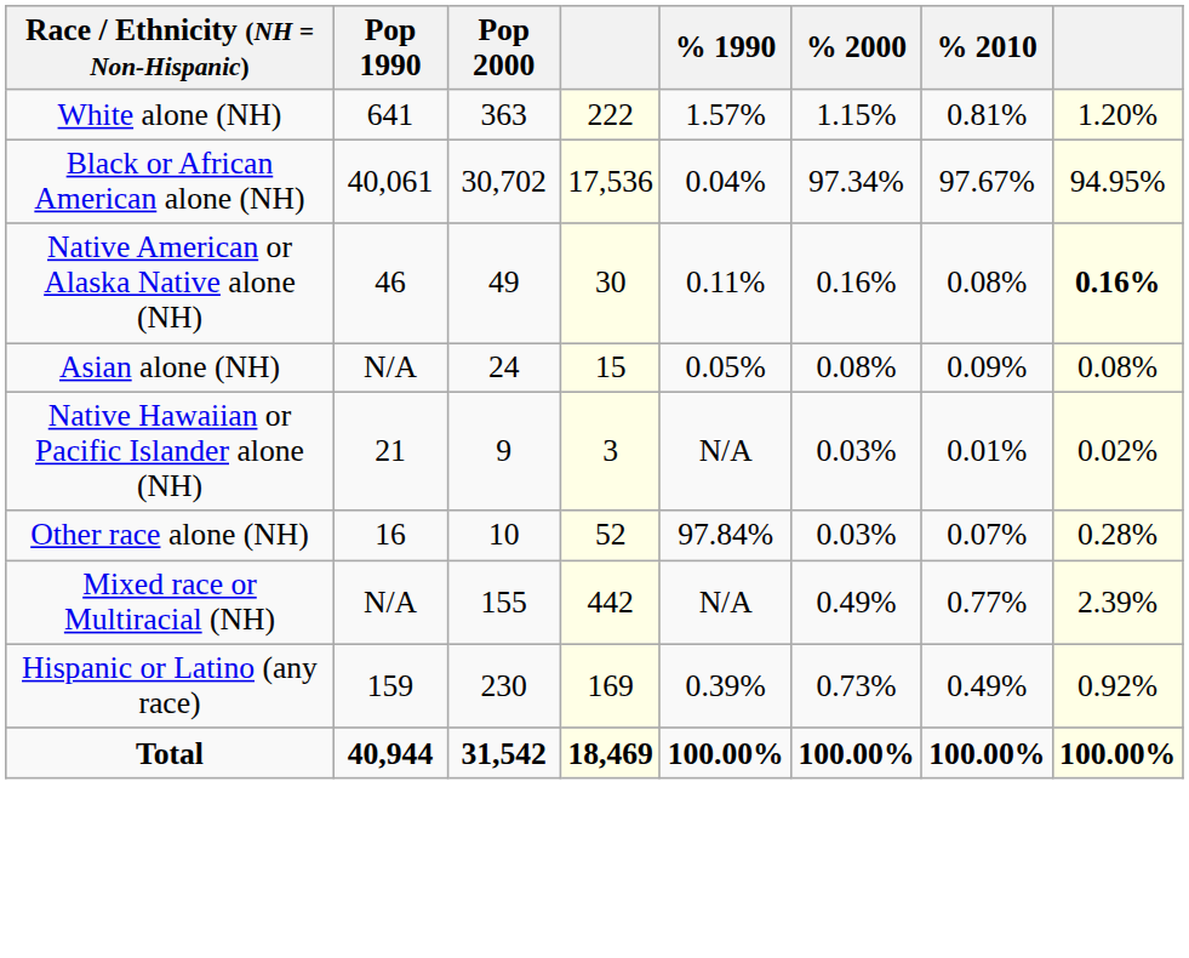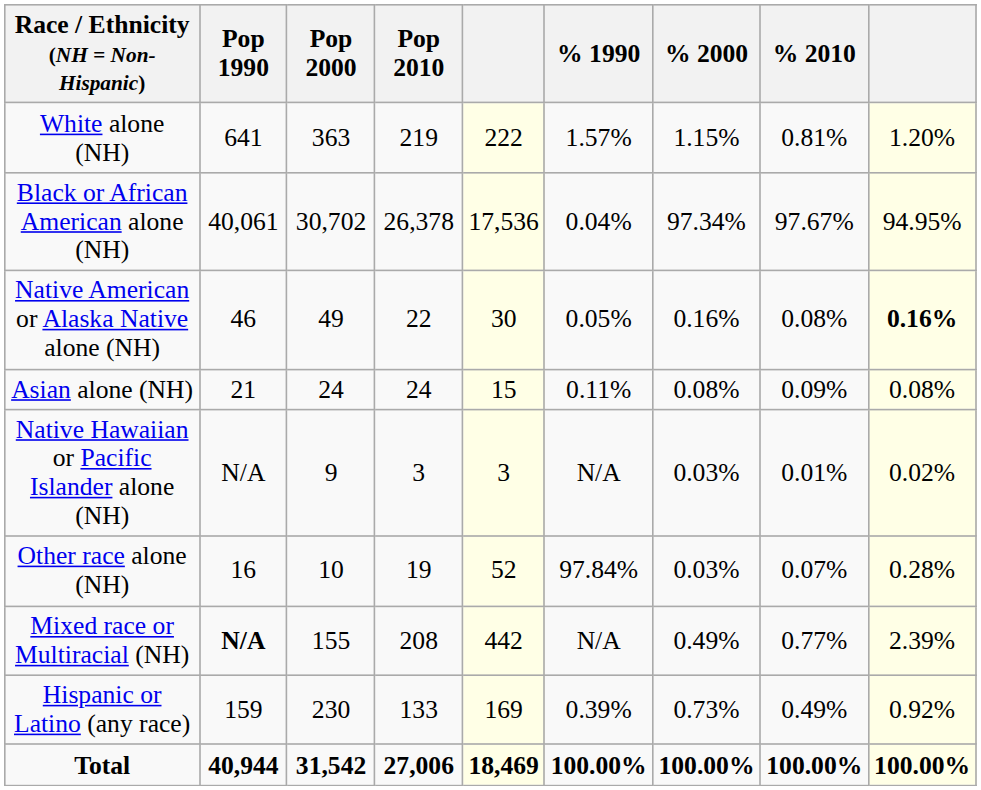 <table class="wikitable" style="text-align:center;">
 <tr>
 <th>Race / Ethnicity <small>(<em>NH = Non-Hispanic</em>)</small></th>
 <th>Pop 1990</th>
 <th>Pop 2000</th>
+<th>Pop 2010</th>
 <th></th>
 <th>% 1990</th>
 <th>% 2000</th>
 <th>% 2010</th>
 <th></th>
 </tr>
 <tr>
 <td><a href='#'>White</a> alone (NH)</td>
 <td>641</td>
 <td>363</td>
+<td>219</td>
 <td style='background: #ffffe6;'>222</td>
 <td>1.57%</td>
 <td>1.15%</td>
 <td>0.81%</td>
 <td style='background: #ffffe6;'>1.20%</td>
 </tr>
 <tr>
 <td><a href='#'>Black or African American</a> alone (NH)</td>
 <td>40,061</td>
 <td>30,702</td>
+<td>26,378</td>
 <td style='background: #ffffe6;'>17,536</td>
 <td>0.04%</td>
 <td>97.34%</td>
 <td>97.67%</td>
 <td style='background: #ffffe6;'>94.95%</td>
 </tr>
 <tr>
 <td><a href='#'>Native American</a> or <a href='#'>Alaska Native</a> alone (NH)</td>
 <td>46</td>
 <td>49</td>
+<td>22</td>
 <td style='background: #ffffe6;'>30</td>
-<td>0.11%</td>
+<td>0.05%</td>
 <td>0.16%</td>
 <td>0.08%</td>
 <td style='background: #ffffe6;'><strong>0.16%</strong></td>
 </tr>
 <tr>
 <td><a href='#'>Asian</a> alone (NH)</td>
-<td>N/A</td>
+<td>21</td>
+<td>24</td>
 <td>24</td>
 <td style='background: #ffffe6;'>15</td>
-<td>0.05%</td>
+<td>0.11%</td>
 <td>0.08%</td>
 <td>0.09%</td>
 <td style='background: #ffffe6;'>0.08%</td>
 </tr>
 <tr>
 <td><a href='#'>Native Hawaiian</a> or <a href='#'>Pacific Islander</a> alone (NH)</td>
-<td>21</td>
+<td>N/A</td>
 <td>9</td>
+<td>3</td>
 <td style='background: #ffffe6;'>3</td>
 <td>N/A</td>
 <td>0.03%</td>
 <td>0.01%</td>
 <td style='background: #ffffe6;'>0.02%</td>
 </tr>
 <tr>
 <td><a href='#'>Other race</a> alone (NH)</td>
 <td>16</td>
 <td>10</td>
+<td>19</td>
 <td style='background: #ffffe6;'>52</td>
 <td>97.84%</td>
 <td>0.03%</td>
 <td>0.07%</td>
 <td style='background: #ffffe6;'>0.28%</td>
 </tr>
 <tr>
 <td><a href='#'>Mixed race or Multiracial</a> (NH)</td>
-<td>N/A</td>
+<td><strong>N/A</strong></td>
 <td>155</td>
+<td>208</td>
 <td style='background: #ffffe6;'>442</td>
 <td>N/A</td>
 <td>0.49%</td>
 <td>0.77%</td>
 <td style='background: #ffffe6;'>2.39%</td>
 </tr>
 <tr>
 <td><a href='#'>Hispanic or Latino</a> (any race)</td>
 <td>159</td>
 <td>230</td>
+<td>133</td>
 <td style='background: #ffffe6;'>169</td>
 <td>0.39%</td>
 <td>0.73%</td>
 <td>0.49%</td>
 <td style='background: #ffffe6;'>0.92%</td>
 </tr>
 <tr>
 <td><strong>Total</strong></td>
 <td><strong>40,944</strong></td>
 <td><strong>31,542</strong></td>
+<td><strong>27,006</strong></td>
 <td style='background: #ffffe6;'><strong>18,469</strong></td>
 <td><strong>100.00%</strong></td>
 <td><strong>100.00%</strong></td>
 <td><strong>100.00%</strong></td>
 <td style='background: #ffffe6;'><strong>100.00%</strong></td>
 </tr>
 </table>
